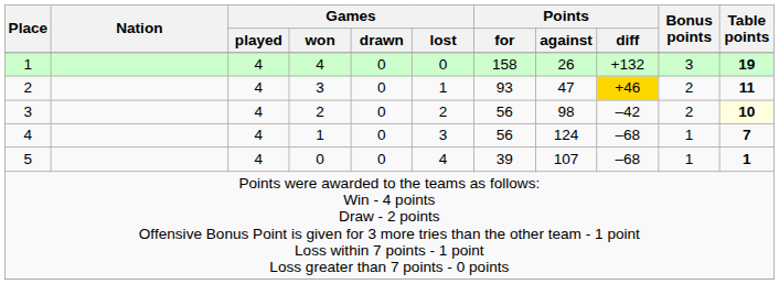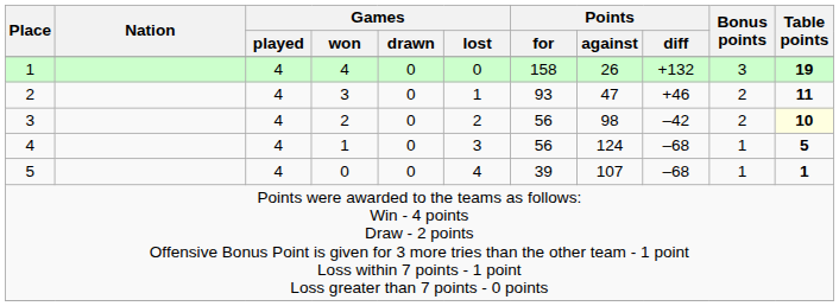 <table class="wikitable">
 <tr>
 <th rowspan=2 width="6%">Place</th>
 <th rowspan=2 width="23%">Nation</th>
 <th colspan=4 width="40%">Games</th>
 <th colspan=3 width="24%">Points</th>
 <th rowspan=2 width="8%">Bonus<br>points</th>
 <th rowspan=2 width="10%">Table<br>points</th>
 </tr>
 <tr>
 <th width="8%">played</th>
 <th width="8%">won</th>
 <th width="8%">drawn</th>
 <th width="8%">lost</th>
 <th width="8%">for</th>
 <th width="8%">against</th>
 <th width="8%">diff</th>
 </tr>
 <tr>
 </tr>
 <tr align=center bgcolor=ccffcc>
 <td>1</td>
 <td align=left></td>
 <td>4</td>
 <td>4</td>
 <td>0</td>
 <td>0</td>
 <td>158</td>
 <td>26</td>
 <td>+132</td>
 <td>3</td>
 <td><strong>19</strong></td>
 </tr>
 <tr align=center>
 <td>2</td>
 <td align=left></td>
 <td>4</td>
 <td>3</td>
 <td>0</td>
 <td>1</td>
 <td>93</td>
 <td>47</td>
-<td style="background: gold;">+46</td>
+<td>+46</td>
 <td>2</td>
 <td><strong>11</strong></td>
 </tr>
 <tr align=center>
 <td>3</td>
 <td align=left></td>
 <td>4</td>
 <td>2</td>
 <td>0</td>
 <td>2</td>
 <td>56</td>
 <td>98</td>
 <td>–42</td>
 <td>2</td>
 <td style="background: lightyellow;"><strong>10</strong></td>
 </tr>
 <tr align=center>
 <td>4</td>
 <td align=left></td>
 <td>4</td>
 <td>1</td>
 <td>0</td>
 <td>3</td>
 <td>56</td>
 <td>124</td>
 <td>–68</td>
 <td>1</td>
-<td><strong>7</strong></td>
+<td><strong>5</strong></td>
 </tr>
 <tr align=center>
 <td>5</td>
 <td align=left></td>
 <td>4</td>
 <td>0</td>
 <td>0</td>
 <td>4</td>
 <td>39</td>
 <td>107</td>
 <td>–68</td>
 <td>1</td>
 <td><strong>1</strong></td>
 </tr>
 <tr>
 <td colspan="100%" style="text-align:center;">Points were awarded to the teams as follows:<br>Win - 4 points<br>Draw - 2 points<br> Offensive Bonus Point is given for 3 more tries than the other team - 1 point<br> Loss within 7 points - 1 point<br>Loss greater than 7 points - 0 points</td>
 </tr>
 <tr>
 </tr>
 </table>
